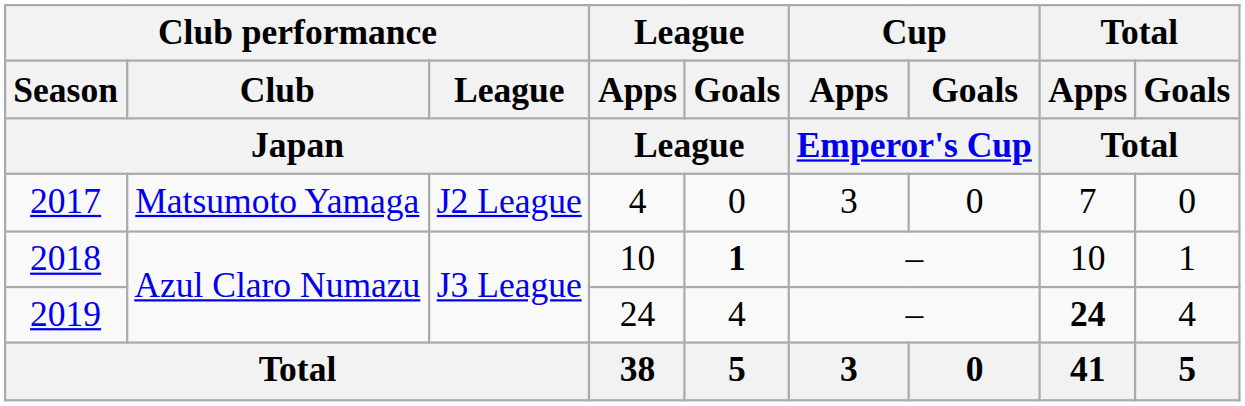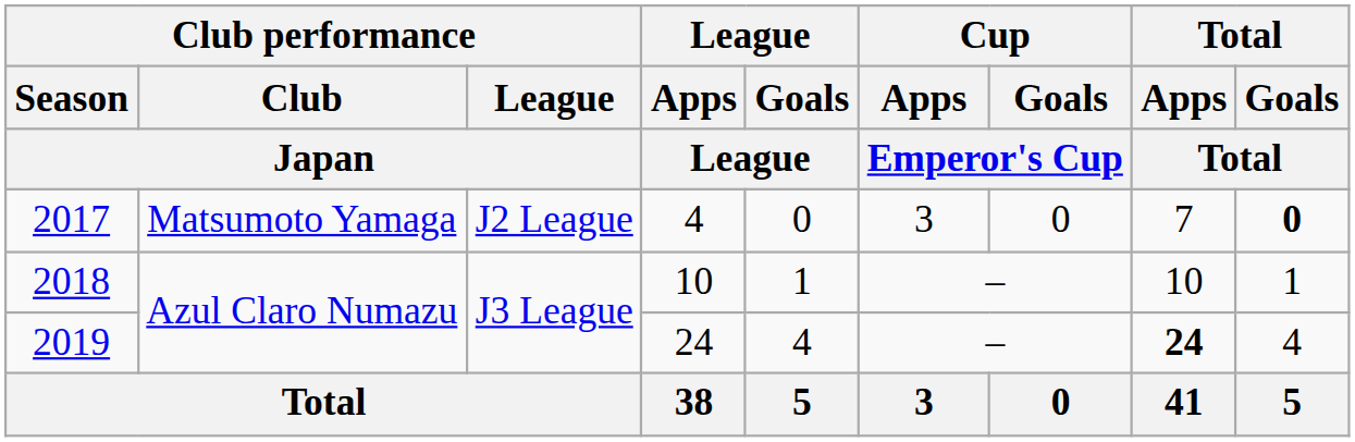 <table class="wikitable" style="text-align:center;">
 <tr>
 <th colspan=3>Club performance</th>
 <th colspan=2>League</th>
 <th colspan=2>Cup</th>
 <th colspan=2>Total</th>
 </tr>
 <tr>
 <th>Season</th>
 <th>Club</th>
 <th>League</th>
 <th>Apps</th>
 <th>Goals</th>
 <th>Apps</th>
 <th>Goals</th>
 <th>Apps</th>
 <th>Goals</th>
 </tr>
 <tr>
 <th colspan=3>Japan</th>
 <th colspan=2>League</th>
 <th colspan=2><a href='#'>Emperor's Cup</a></th>
 <th colspan=2>Total</th>
 </tr>
 <tr>
 <td><a href='#'>2017</a></td>
 <td><a href='#'>Matsumoto Yamaga</a></td>
 <td><a href='#'>J2 League</a></td>
 <td>4</td>
 <td>0</td>
 <td>3</td>
 <td>0</td>
 <td>7</td>
-<td>0</td>
+<td><strong>0</strong></td>
 </tr>
 <tr>
 <td><a href='#'>2018</a></td>
 <td rowspan="2"><a href='#'>Azul Claro Numazu</a></td>
 <td rowspan="2"><a href='#'>J3 League</a></td>
 <td>10</td>
-<td><strong>1</strong></td>
+<td>1</td>
 <td colspan="2">–</td>
 <td>10</td>
 <td>1</td>
 </tr>
 <tr>
 <td><a href='#'>2019</a></td>
 <td>24</td>
 <td>4</td>
 <td colspan="2">–</td>
 <td><strong>24</strong></td>
 <td>4</td>
 </tr>
 <tr>
 <th colspan=3>Total</th>
 <th>38</th>
 <th>5</th>
 <th>3</th>
 <th>0</th>
 <th>41</th>
 <th>5</th>
 </tr>
 </table>
